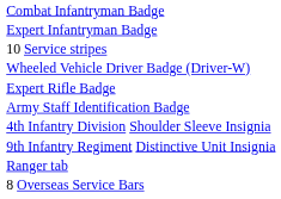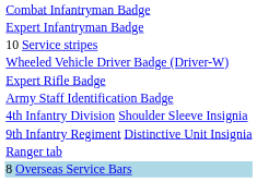 <table>
 <tr>
 <td> <a href='#'>Combat Infantryman Badge</a></td>
 </tr>
 <tr>
 <td> <a href='#'>Expert Infantryman Badge</a></td>
 </tr>
 <tr>
 <td> 10 <a href='#'>Service stripes</a></td>
 </tr>
 <tr>
 <td> <a href='#'>Wheeled Vehicle Driver Badge (Driver-W)</a></td>
 </tr>
 <tr>
 <td> <a href='#'>Expert Rifle Badge</a></td>
 </tr>
 <tr>
 <td> <a href='#'>Army Staff Identification Badge</a></td>
 </tr>
 <tr>
 <td> <a href='#'>4th Infantry Division</a> <a href='#'>Shoulder Sleeve Insignia</a></td>
 </tr>
 <tr>
 <td> <a href='#'>9th Infantry Regiment</a> <a href='#'>Distinctive Unit Insignia</a></td>
 </tr>
 <tr>
 <td> <a href='#'>Ranger tab</a></td>
 </tr>
 <tr>
-<td> 8 <a href='#'>Overseas Service Bars</a></td>
+<td style="background: lightblue;"> 8 <a href='#'>Overseas Service Bars</a></td>
 </tr>
 </table>
